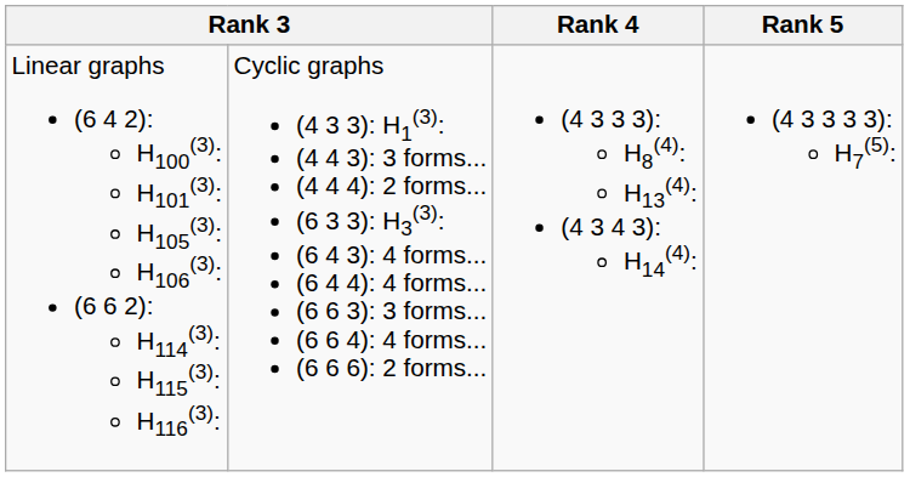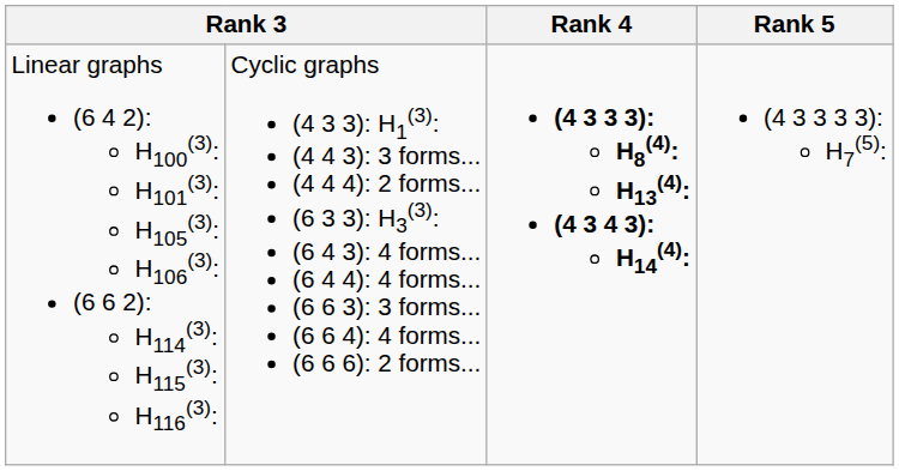 <table class="wikitable skin-invert-image">
 <tr>
 <th colspan=2>Rank 3</th>
 <th>Rank 4</th>
 <th>Rank 5</th>
 </tr>
 <tr valign=top>
 <td>Linear graphs<br><ul><li>(6 4 2):<ul><li>H<sub>100</sub><sup>(3)</sup>: </li><li>H<sub>101</sub><sup>(3)</sup>: </li><li>H<sub>105</sub><sup>(3)</sup>: </li><li>H<sub>106</sub><sup>(3)</sup>: </li></ul></li><li>(6 6 2):<ul><li>H<sub>114</sub><sup>(3)</sup>: </li><li>H<sub>115</sub><sup>(3)</sup>: </li><li>H<sub>116</sub><sup>(3)</sup>: </li></ul></li></ul></td>
 <td>Cyclic graphs<br><ul><li>(4 3 3):  H<sub>1</sub><sup>(3)</sup>: </li><li>(4 4 3): 3 forms...</li><li>(4 4 4): 2 forms...</li><li>(6 3 3): H<sub>3</sub><sup>(3)</sup>: </li><li>(6 4 3): 4 forms...</li><li>(6 4 4): 4 forms...</li><li>(6 6 3): 3 forms...</li><li>(6 6 4): 4 forms...</li><li>(6 6 6): 2 forms...</li></ul></td>
-<td><br><ul><li>(4 3 3 3):<ul><li>H<sub>8</sub><sup>(4)</sup>: </li><li>H<sub>13</sub><sup>(4)</sup>: </li></ul></li><li>(4 3 4 3):<ul><li>H<sub>14</sub><sup>(4)</sup>: </li></ul></li></ul></td>
+<td><strong><br><ul><li>(4 3 3 3):<ul><li>H<sub>8</sub><sup>(4)</sup>: </li><li>H<sub>13</sub><sup>(4)</sup>: </li></ul></li><li>(4 3 4 3):<ul><li>H<sub>14</sub><sup>(4)</sup>: </li></ul></li></ul></strong></td>
 <td><br><ul><li>(4 3 3 3 3):<ul><li>H<sub>7</sub><sup>(5)</sup>: </li></ul></li></ul></td>
 </tr>
 </table>
